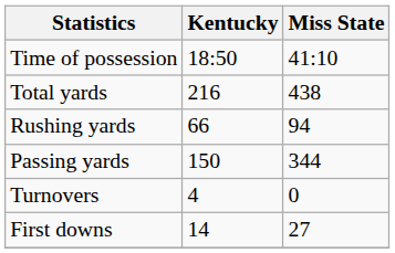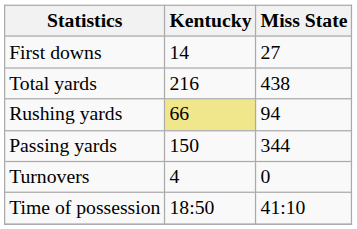 <table class="wikitable" style="float: left;">
 <tr>
 <th>Statistics</th>
 <th>Kentucky</th>
 <th>Miss State</th>
 </tr>
 <tr>
-<td>Time of possession</td>
-<td>18:50</td>
-<td>41:10</td>
+<td>First downs</td>
+<td>14</td>
+<td>27</td>
 </tr>
 <tr>
 <td>Total yards</td>
 <td>216</td>
 <td>438</td>
 </tr>
 <tr>
 <td>Rushing yards</td>
-<td>66</td>
+<td style="background: khaki;">66</td>
 <td>94</td>
 </tr>
 <tr>
 <td>Passing yards</td>
 <td>150</td>
 <td>344</td>
 </tr>
 <tr>
 <td>Turnovers</td>
 <td>4</td>
 <td>0</td>
 </tr>
 <tr>
-<td>First downs</td>
-<td>14</td>
-<td>27</td>
+<td>Time of possession</td>
+<td>18:50</td>
+<td>41:10</td>
 </tr>
 <tr>
 </tr>
 </table>
